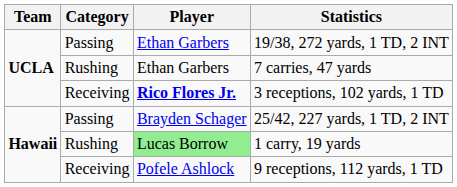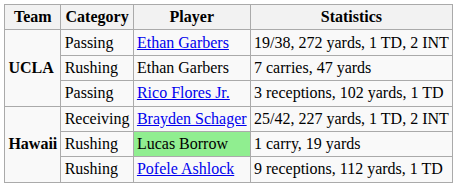 <table class="wikitable" style="float: right;">
 <tr>
 <th>Team</th>
 <th>Category</th>
 <th>Player</th>
 <th>Statistics</th>
 </tr>
 <tr>
 <td rowspan=3><strong>UCLA</strong></td>
 <td>Passing</td>
 <td><a href='#'>Ethan Garbers</a></td>
 <td>19/38, 272 yards, 1 TD, 2 INT</td>
 </tr>
 <tr>
 <td>Rushing</td>
 <td>Ethan Garbers</td>
 <td>7 carries, 47 yards</td>
 </tr>
 <tr>
-<td>Receiving</td>
-<td><strong><a href='#'>Rico Flores Jr.</a></strong></td>
+<td>Passing</td>
+<td><a href='#'>Rico Flores Jr.</a></td>
 <td>3 receptions, 102 yards, 1 TD</td>
 </tr>
 <tr>
 <td rowspan=3><strong>Hawaii</strong></td>
-<td>Passing</td>
+<td>Receiving</td>
 <td><a href='#'>Brayden Schager</a></td>
 <td>25/42, 227 yards, 1 TD, 2 INT</td>
 </tr>
 <tr>
 <td>Rushing</td>
 <td style="background: lightgreen;">Lucas Borrow</td>
 <td>1 carry, 19 yards</td>
 </tr>
 <tr>
-<td>Receiving</td>
+<td>Rushing</td>
 <td><a href='#'>Pofele Ashlock</a></td>
 <td>9 receptions, 112 yards, 1 TD</td>
 </tr>
 </table>
